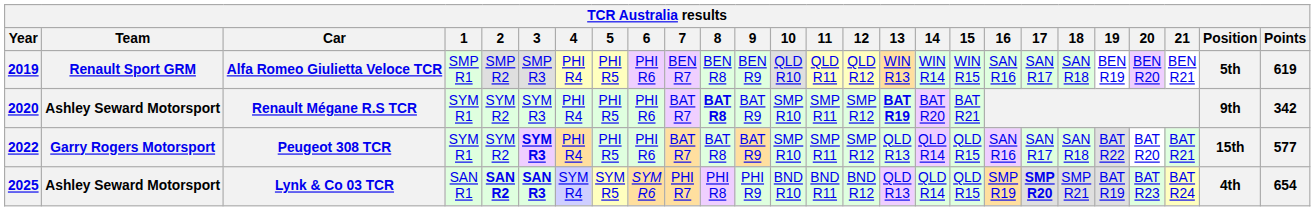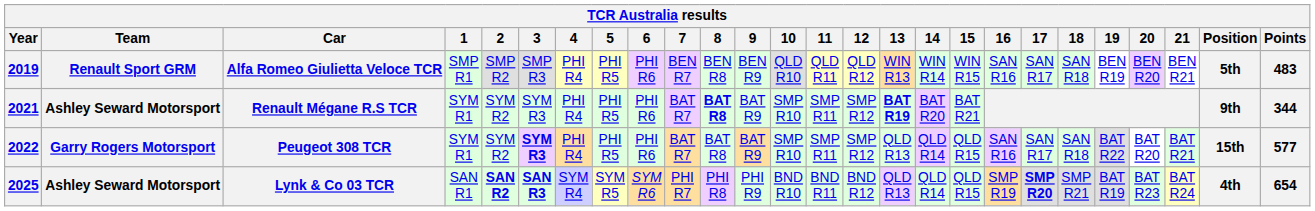 <table class="wikitable" style="text-align:center; font-size:75%">
 <tr>
 <th colspan=45><a href='#'>TCR Australia</a> results</th>
 </tr>
 <tr>
 <th>Year</th>
 <th>Team</th>
 <th>Car</th>
 <th>1</th>
 <th>2</th>
 <th>3</th>
 <th>4</th>
 <th>5</th>
 <th>6</th>
 <th>7</th>
 <th>8</th>
 <th>9</th>
 <th>10</th>
 <th>11</th>
 <th>12</th>
 <th>13</th>
 <th>14</th>
 <th>15</th>
 <th>16</th>
 <th>17</th>
 <th>18</th>
 <th>19</th>
 <th>20</th>
 <th>21</th>
 <th>Position</th>
 <th>Points</th>
 </tr>
 <tr>
 <th><a href='#'>2019</a></th>
 <th><a href='#'>Renault Sport GRM</a></th>
 <th><a href='#'>Alfa Romeo Giulietta Veloce TCR</a></th>
 <td style="background:#dfffdf"><a href='#'>SMP<br>R1</a><br></td>
 <td style="background:#dfdfdf"><a href='#'>SMP<br>R2</a><br></td>
 <td style="background:#dfdfdf"><a href='#'>SMP<br>R3</a><br></td>
 <td style="background:#ffffbf"><a href='#'>PHI<br>R4</a><br></td>
 <td style="background:#ffffbf"><a href='#'>PHI<br>R5</a><br></td>
 <td style="background:#efcfff"><a href='#'>PHI<br>R6</a><br></td>
 <td style="background:#efcfff"><a href='#'>BEN<br>R7</a><br></td>
 <td style="background:#dfffdf"><a href='#'>BEN<br>R8</a><br></td>
 <td style="background:#dfffdf"><a href='#'>BEN<br>R9</a><br></td>
 <td style="background:#dfdfdf"><a href='#'>QLD<br>R10</a><br></td>
 <td style="background:#ffffbf"><a href='#'>QLD<br>R11</a><br></td>
 <td style="background:#ffffbf"><a href='#'>QLD<br>R12</a><br></td>
 <td style="background:#ffdf9f"><a href='#'>WIN<br>R13</a><br></td>
 <td style="background:#dfffdf"><a href='#'>WIN<br>R14</a><br></td>
 <td style="background:#dfffdf"><a href='#'>WIN<br>R15</a><br></td>
 <td style="background:#dfffdf"><a href='#'>SAN<br>R16</a><br></td>
 <td style="background:#dfffdf"><a href='#'>SAN<br>R17</a><br></td>
 <td style="background:#dfffdf"><a href='#'>SAN<br>R18</a><br></td>
 <td style="background:#ffffff"><a href='#'>BEN<br>R19</a><br></td>
 <td style="background:#efcfff"><a href='#'>BEN<br>R20</a><br></td>
 <td style="background:#ffffff"><a href='#'>BEN<br>R21</a><br></td>
 <th>5th</th>
-<th>619</th>
+<th>483</th>
 </tr>
 <tr>
-<th><a href='#'>2020</a></th>
+<th><a href='#'>2021</a></th>
 <th>Ashley Seward Motorsport</th>
 <th><a href='#'>Renault Mégane R.S TCR</a></th>
 <td style=background:#dfffdf><a href='#'>SYM<br>R1</a><br></td>
 <td style=background:#dfffdf><a href='#'>SYM<br>R2</a><br></td>
 <td style=background:#dfffdf><a href='#'>SYM<br>R3</a><br></td>
 <td style=background:#dfffdf><a href='#'>PHI<br>R4</a><br></td>
 <td style=background:#dfffdf><a href='#'>PHI<br>R5</a><br></td>
 <td style=background:#dfffdf><a href='#'>PHI<br>R6</a><br></td>
 <td style=background:#efcfff><a href='#'>BAT<br>R7</a><br></td>
 <td style=background:#dfffdf><strong><a href='#'>BAT<br> R8</a><br></strong></td>
 <td style=background:#dfffdf><a href='#'>BAT<br>R9</a><br></td>
 <td style=background:#dfffdf><a href='#'>SMP<br>R10</a><br></td>
 <td style=background:#dfffdf><a href='#'>SMP<br>R11</a><br></td>
 <td style=background:#dfffdf><a href='#'>SMP<br>R12</a><br></td>
 <td style=background:#dfffdf><strong><a href='#'>BAT<br>R19</a><br></strong></td>
 <td style=background:#efcfff><a href='#'>BAT<br>R20</a><br></td>
 <td style=background:#dfffdf><a href='#'>BAT<br>R21</a><br></td>
 <th colspan=6></th>
 <th>9th</th>
-<th>342</th>
+<th>344</th>
 </tr>
 <tr>
 <th><a href='#'>2022</a></th>
 <th><a href='#'>Garry Rogers Motorsport</a></th>
 <th><a href='#'>Peugeot 308 TCR</a></th>
 <td style="background:#dfffdf"><a href='#'>SYM<br>R1</a><br></td>
 <td style="background:#dfffdf"><a href='#'>SYM<br>R2</a><br></td>
 <td style="background:#efcfff"><strong><a href='#'>SYM<br>R3</a><br></strong></td>
 <td style="background:#ffdf9f"><a href='#'>PHI<br>R4</a><br></td>
 <td style="background:#dfffdf"><a href='#'>PHI<br>R5</a><br></td>
 <td style="background:#dfffdf"><a href='#'>PHI<br>R6</a><br></td>
 <td style="background:#ffdf9f"><a href='#'>BAT<br>R7</a><br></td>
 <td style="background:#dfffdf"><a href='#'>BAT<br>R8</a><br></td>
 <td style="background:#ffdf9f"><a href='#'>BAT<br>R9</a><br></td>
 <td style="background:#dfffdf"><a href='#'>SMP<br>R10</a><br></td>
 <td style="background:#dfffdf"><a href='#'>SMP<br>R11</a><br></td>
 <td style="background:#dfffdf"><a href='#'>SMP<br>R12</a><br></td>
 <td style="background:#dfffdf"><a href='#'>QLD<br>R13</a><br></td>
 <td style="background:#efcfff"><a href='#'>QLD<br>R14</a><br></td>
 <td style="background:#dfffdf"><a href='#'>QLD<br>R15</a><br></td>
 <td style="background:#efcfff"><a href='#'>SAN<br>R16</a><br></td>
 <td style="background:#dfffdf"><a href='#'>SAN<br>R17</a><br></td>
 <td style="background:#dfffdf"><a href='#'>SAN<br>R18</a><br></td>
 <td style=background:#dfdfdf><a href='#'>BAT<br>R22</a><br></td>
 <td style="background:#ffffff"><a href='#'>BAT<br>R20</a><br></td>
 <td style="background:#dfffdf"><a href='#'>BAT<br>R21</a><br></td>
 <th>15th</th>
 <th>577</th>
 </tr>
 <tr>
 <th><a href='#'>2025</a></th>
 <th>Ashley Seward Motorsport</th>
 <th><a href='#'>Lynk & Co 03 TCR</a></th>
 <td style=background:#dfffdf><a href='#'>SAN<br>R1</a><br></td>
 <td style=background:#dfffdf><strong><a href='#'>SAN<br>R2</a><br></strong></td>
 <td style=background:#dfffdf><strong><a href='#'>SAN<br>R3</a><br></strong></td>
 <td style=background:#cfcfff><a href='#'>SYM<br>R4</a><br></td>
 <td style=background:#ffffbf><a href='#'>SYM<br>R5</a><br></td>
 <td style=background:#ffdf9f><em><a href='#'>SYM<br>R6</a><br></em></td>
 <td style=background:#ffdf9f><a href='#'>PHI<br>R7</a><br></td>
 <td style=background:#efcfff><a href='#'>PHI<br>R8</a><br></td>
 <td style=background:#dfffdf><a href='#'>PHI<br>R9</a><br></td>
 <td style=background:#dfffdf><a href='#'>BND<br>R10</a><br></td>
 <td style=background:#dfffdf><a href='#'>BND<br>R11</a><br></td>
 <td style=background:#dfffdf><a href='#'>BND<br>R12</a><br></td>
 <td style=background:#efcfff><a href='#'>QLD<br>R13</a><br></td>
 <td style=background:#dfffdf><a href='#'>QLD<br>R14</a><br></td>
 <td style=background:#dfffdf><a href='#'>QLD<br>R15</a><br></td>
 <td style=background:#ffdf9f><a href='#'>SMP<br>R19</a><br></td>
 <td style=background:#dfdfdf><strong><a href='#'>SMP<br>R20</a><br></strong></td>
 <td style=background:#dfdfdf><a href='#'>SMP<br>R21</a><br></td>
 <td style="background:#dfdfdf"><a href='#'>BAT<br>R19</a><br></td>
 <td style=background:#dfffdf><a href='#'>BAT<br>R23</a><br></td>
 <td style=background:#ffffbf><a href='#'>BAT<br>R24</a><br></td>
 <th>4th</th>
 <th>654</th>
 </tr>
 </table>
